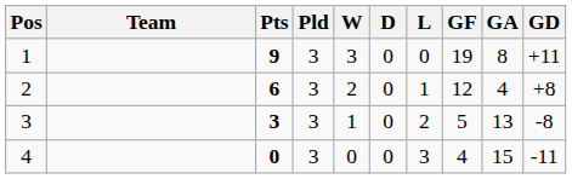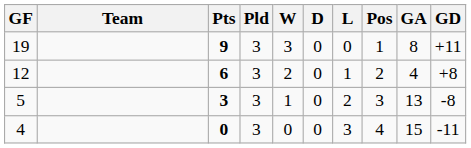 <table class="wikitable" style="text-align:center;">
 <tr>
-<th width=20>Pos</th>
+<th width=20>GF</th>
 <th width=150>Team</th>
 <th width=20>Pts</th>
 <th width=20>Pld</th>
 <th width=20>W</th>
 <th width=20>D</th>
 <th width=20>L</th>
-<th width=20>GF</th>
+<th width=20>Pos</th>
 <th width=20>GA</th>
 <th width=20>GD</th>
 </tr>
 <tr>
-<td>1</td>
+<td>19</td>
 <td align="left"></td>
 <td><strong>9</strong></td>
 <td>3</td>
 <td>3</td>
 <td>0</td>
 <td>0</td>
-<td>19</td>
+<td>1</td>
 <td>8</td>
 <td>+11</td>
 </tr>
 <tr>
-<td>2</td>
+<td>12</td>
 <td align="left"></td>
 <td><strong>6</strong></td>
 <td>3</td>
 <td>2</td>
 <td>0</td>
 <td>1</td>
-<td>12</td>
+<td>2</td>
 <td>4</td>
 <td>+8</td>
 </tr>
 <tr>
-<td>3</td>
+<td>5</td>
 <td align="left"></td>
 <td><strong>3</strong></td>
 <td>3</td>
 <td>1</td>
 <td>0</td>
 <td>2</td>
-<td>5</td>
+<td>3</td>
 <td>13</td>
 <td>-8</td>
 </tr>
 <tr>
 <td>4</td>
 <td align="left"></td>
 <td><strong>0</strong></td>
 <td>3</td>
 <td>0</td>
 <td>0</td>
 <td>3</td>
 <td>4</td>
 <td>15</td>
 <td>-11</td>
 </tr>
 </table>
